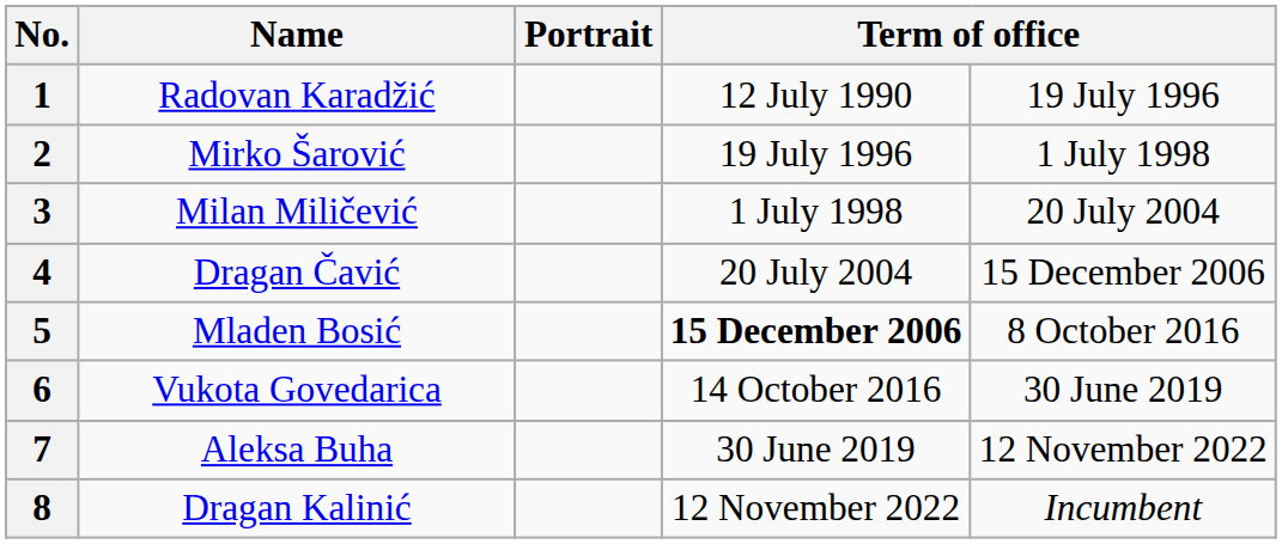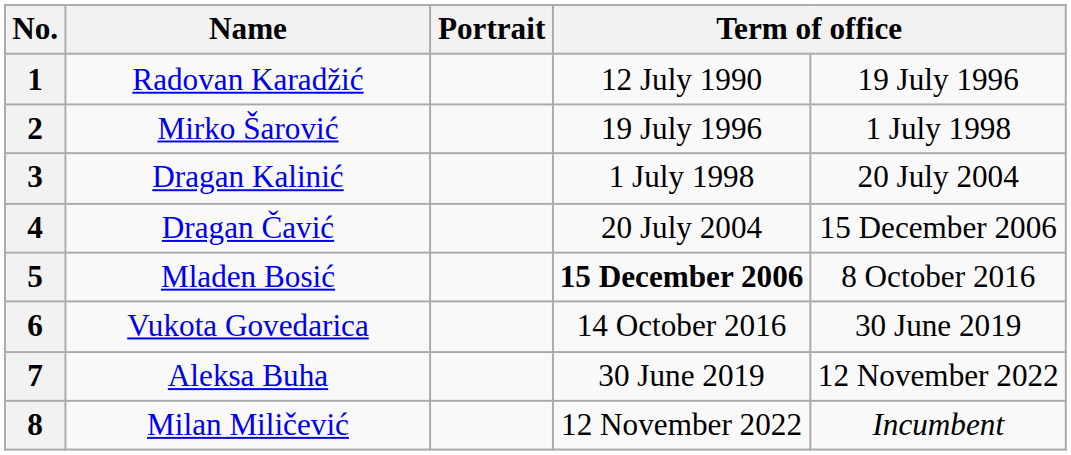 <table class="wikitable" style="text-align:center">
 <tr>
 <th>No.</th>
 <th width="180">Name<br></th>
 <th>Portrait</th>
 <th colspan="2">Term of office</th>
 </tr>
 <tr>
 <th style="background:">1</th>
 <td><a href='#'>Radovan Karadžić</a><br></td>
 <td></td>
 <td>12 July 1990</td>
 <td>19 July 1996</td>
 </tr>
 <tr>
 <th style="background:">2</th>
 <td><a href='#'>Mirko Šarović</a><br></td>
 <td></td>
 <td>19 July 1996</td>
 <td>1 July 1998</td>
 </tr>
 <tr>
 <th style="background:">3</th>
-<td><a href='#'>Milan Miličević</a><br></td>
+<td><a href='#'>Dragan Kalinić</a><br></td>
 <td></td>
 <td>1 July 1998</td>
 <td>20 July 2004</td>
 </tr>
 <tr>
 <th style="background:">4</th>
 <td><a href='#'>Dragan Čavić</a><br></td>
 <td></td>
 <td>20 July 2004</td>
 <td>15 December 2006</td>
 </tr>
 <tr>
 <th style="background:">5</th>
 <td><a href='#'>Mladen Bosić</a><br></td>
 <td></td>
 <td><strong>15 December 2006</strong></td>
 <td>8 October 2016</td>
 </tr>
 <tr>
 <th style="background:">6</th>
 <td><a href='#'>Vukota Govedarica</a><br></td>
 <td></td>
 <td>14 October 2016</td>
 <td>30 June 2019</td>
 </tr>
 <tr>
 <th style="background:">7</th>
 <td><a href='#'>Aleksa Buha</a><br></td>
 <td></td>
 <td>30 June 2019</td>
 <td>12 November 2022</td>
 </tr>
 <tr>
 <th style="background:">8</th>
-<td><a href='#'>Dragan Kalinić</a><br></td>
+<td><a href='#'>Milan Miličević</a><br></td>
 <td></td>
 <td>12 November 2022</td>
 <td><em>Incumbent</em></td>
 </tr>
 </table>
